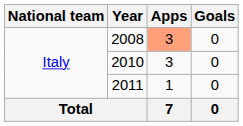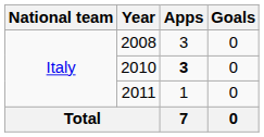 <table class="wikitable" style="text-align:center">
 <tr>
 <th>National team</th>
 <th>Year</th>
 <th>Apps</th>
 <th>Goals</th>
 </tr>
 <tr>
 <td rowspan="3"><a href='#'>Italy</a></td>
 <td>2008</td>
-<td style="background: lightsalmon;">3</td>
+<td>3</td>
 <td>0</td>
 </tr>
 <tr>
 <td>2010</td>
-<td>3</td>
+<td><strong>3</strong></td>
 <td>0</td>
 </tr>
 <tr>
 <td>2011</td>
 <td>1</td>
 <td>0</td>
 </tr>
 <tr>
 <th colspan="2">Total</th>
 <th>7</th>
 <th>0</th>
 </tr>
 </table>
